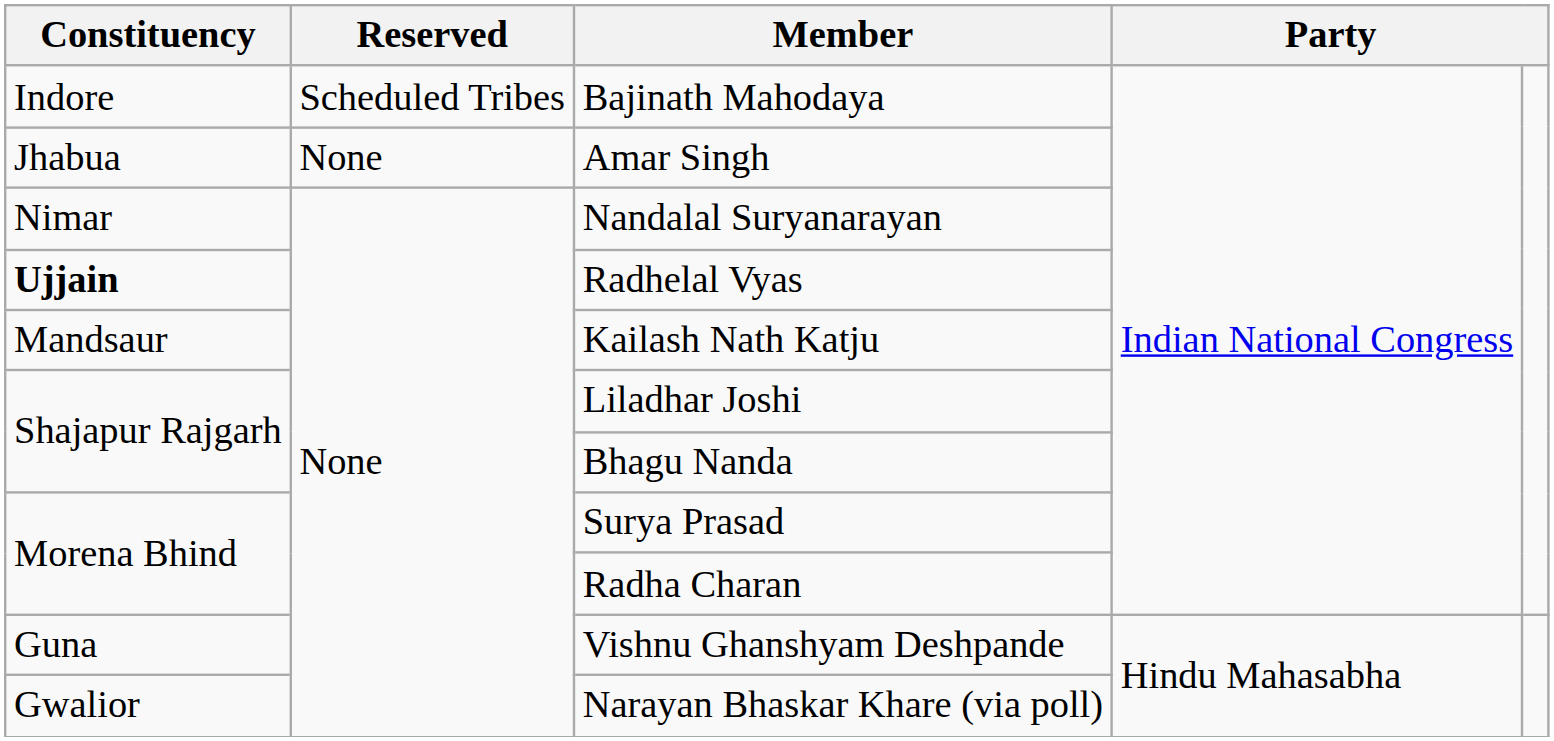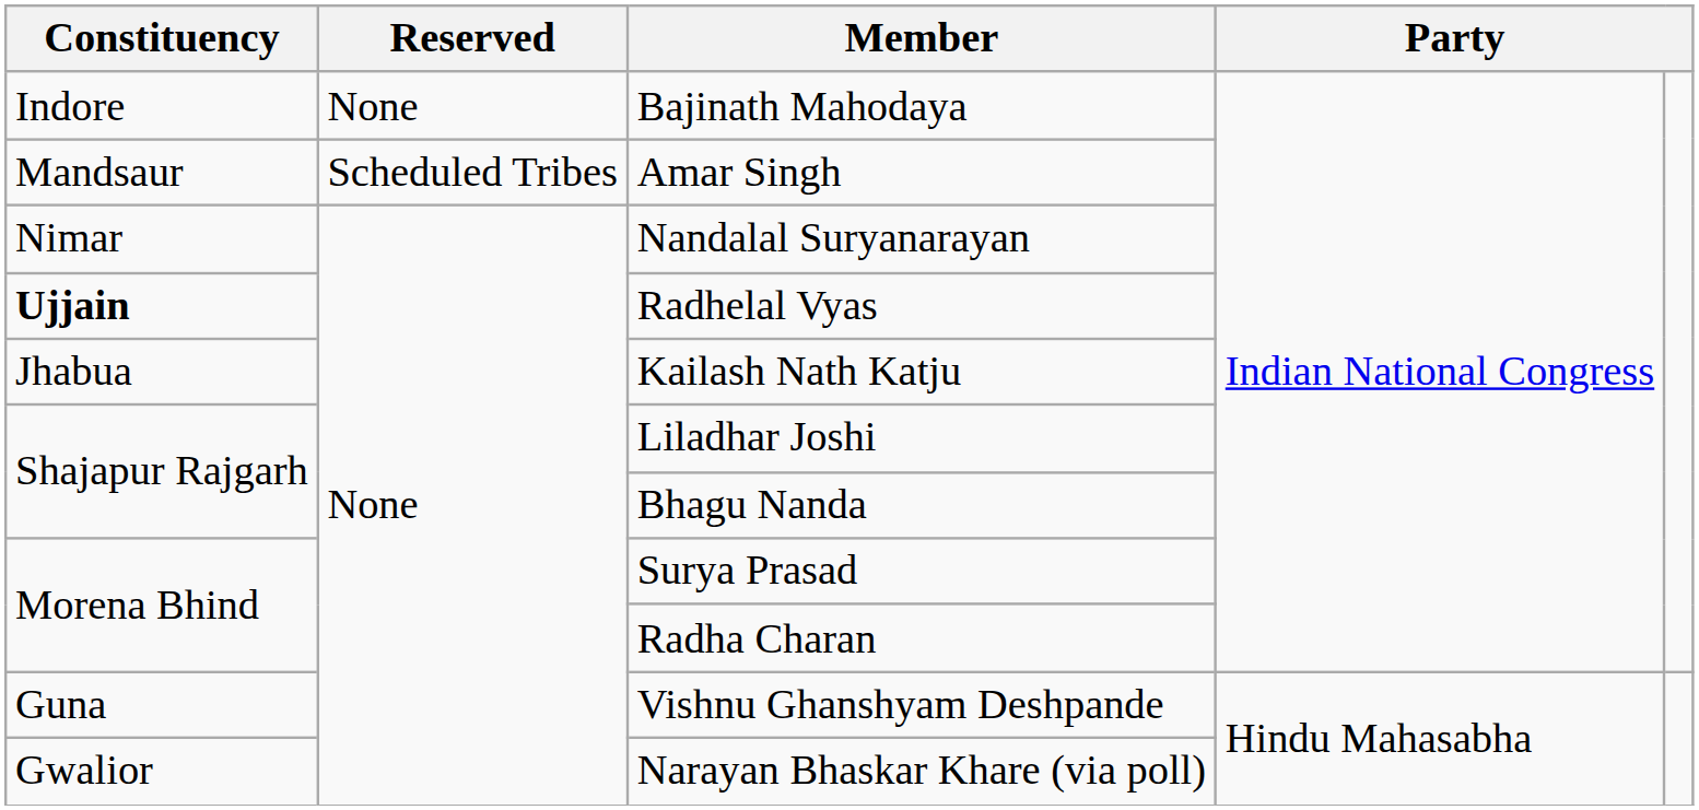 <table class="wikitable">
 <tr>
 <th>Constituency</th>
 <th>Reserved</th>
 <th>Member</th>
 <th colspan=2>Party</th>
 </tr>
 <tr>
 <td>Indore</td>
-<td>Scheduled Tribes</td>
+<td>None</td>
 <td>Bajinath Mahodaya</td>
 <td rowspan=9><a href='#'>Indian National Congress</a></td>
 <td rowspan=9 width="4px" style="background-color: "></td>
 </tr>
 <tr>
-<td>Jhabua</td>
-<td>None</td>
+<td>Mandsaur</td>
+<td>Scheduled Tribes</td>
 <td>Amar Singh</td>
 </tr>
 <tr>
 <td>Nimar</td>
 <td rowspan=9>None</td>
 <td>Nandalal Suryanarayan</td>
 </tr>
 <tr>
 <td><strong>Ujjain</strong></td>
 <td>Radhelal Vyas</td>
 </tr>
 <tr>
-<td>Mandsaur</td>
+<td>Jhabua</td>
 <td>Kailash Nath Katju</td>
 </tr>
 <tr>
 <td rowspan=2>Shajapur Rajgarh</td>
 <td>Liladhar Joshi</td>
 </tr>
 <tr>
 <td>Bhagu Nanda</td>
 </tr>
 <tr>
 <td rowspan=2>Morena Bhind</td>
 <td>Surya Prasad</td>
 </tr>
 <tr>
 <td>Radha Charan</td>
 </tr>
 <tr>
 <td>Guna</td>
 <td>Vishnu Ghanshyam Deshpande</td>
 <td rowspan=2>Hindu Mahasabha</td>
 <td rowspan=2></td>
 </tr>
 <tr>
 <td>Gwalior</td>
 <td>Narayan Bhaskar Khare (via poll)</td>
 </tr>
 </table>
